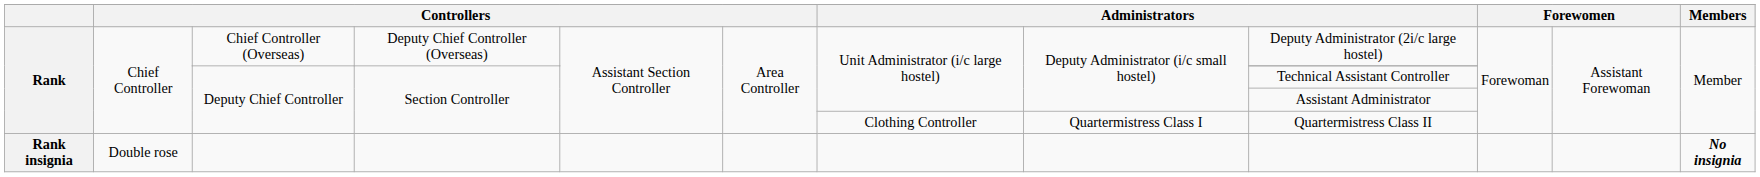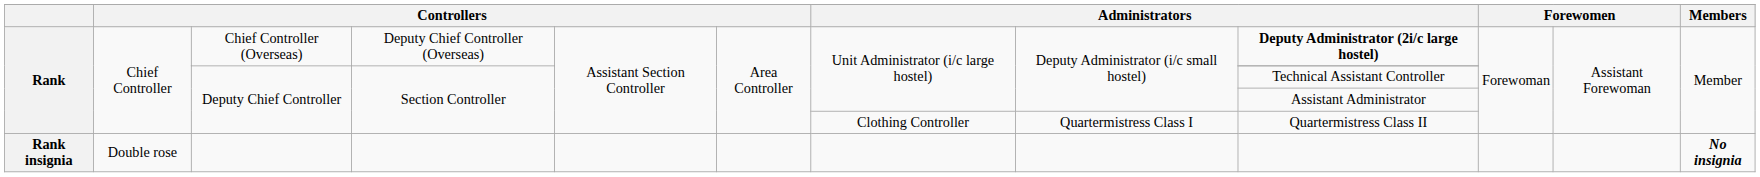 <table class="wikitable">
 <tr style="text-align:center;">
 </tr>
 <tr style="background-color:#CCCCCC;">
 <th></th>
 <th colspan=5>Controllers</th>
 <th colspan=3>Administrators</th>
 <th colspan=2>Forewomen</th>
 <th colspan=1>Members</th>
 </tr>
 <tr style="text-align:center;">
 <th rowspan=5>Rank</th>
 <td rowspan=5>Chief Controller</td>
 <td>Chief Controller (Overseas)</td>
 <td>Deputy Chief Controller (Overseas)</td>
 <td rowspan=5>Assistant Section Controller</td>
 <td rowspan=5>Area Controller</td>
 <td rowspan=4>Unit Administrator (i/c large hostel)</td>
 <td rowspan=4>Deputy Administrator (i/c small hostel)</td>
-<td>Deputy Administrator (2i/c large hostel)</td>
+<td><strong>Deputy Administrator (2i/c large hostel)</strong></td>
 <td rowspan=5>Forewoman</td>
 <td rowspan=5>Assistant Forewoman</td>
 <td rowspan=5>Member</td>
 </tr>
 <tr style="text-align:center;">
 <td rowspan=4>Deputy Chief Controller</td>
 <td rowspan=4>Section Controller</td>
 </tr>
 <tr style="text-align:center;">
 <td>Technical Assistant Controller</td>
 </tr>
 <tr style="text-align:center;">
 <td>Assistant Administrator</td>
 </tr>
 <tr style="text-align:center;">
 <td>Clothing Controller</td>
 <td>Quartermistress Class I</td>
 <td>Quartermistress Class II</td>
 </tr>
 <tr style="text-align:center;">
 <th>Rank insignia</th>
 <td>Double rose</td>
 <td></td>
 <td></td>
 <td></td>
 <td></td>
 <td></td>
 <td></td>
 <td></td>
 <td></td>
 <td></td>
 <td><strong><em>No insignia</em></strong></td>
 </tr>
 </table>
